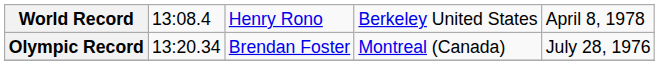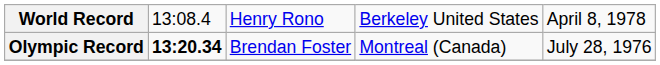 <table class="wikitable" style="font-size:95%;">
 <tr>
 <th>World Record</th>
 <td>13:08.4</td>
 <td> <a href='#'>Henry Rono</a></td>
 <td><a href='#'>Berkeley</a> United States</td>
 <td>April 8, 1978</td>
 </tr>
 <tr>
 <th>Olympic Record</th>
-<td>13:20.34</td>
+<td><strong>13:20.34</strong></td>
 <td> <a href='#'>Brendan Foster</a></td>
 <td><a href='#'>Montreal</a> (Canada)</td>
 <td>July 28, 1976</td>
 </tr>
 <tr>
 </tr>
 </table>
